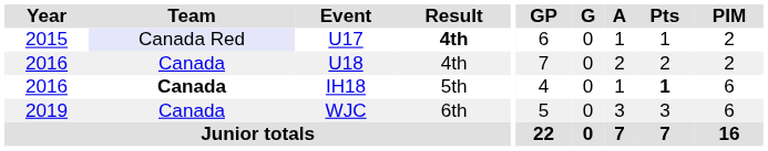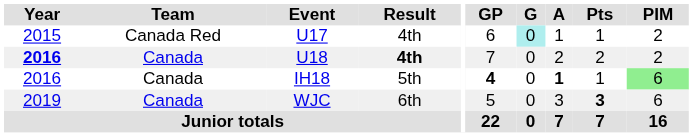 <table border="0" cellpadding="1" cellspacing="0" ID="Table3" style="text-align:center; width:40em">
 <tr bgcolor="#e0e0e0">
 <th>Year</th>
 <th>Team</th>
 <th>Event</th>
 <th>Result</th>
 <th rowspan="99" bgcolor="#ffffff"></th>
 <th>GP</th>
 <th>G</th>
 <th>A</th>
 <th>Pts</th>
 <th>PIM</th>
 </tr>
 <tr>
 <td><a href='#'>2015</a></td>
-<td style="background: lavender;">Canada Red</td>
+<td>Canada Red</td>
 <td><a href='#'>U17</a></td>
-<td><strong>4th</strong></td>
+<td>4th</td>
 <td>6</td>
-<td>0</td>
+<td style="background: paleturquoise;">0</td>
 <td>1</td>
 <td>1</td>
 <td>2</td>
 </tr>
 <tr bgcolor="#f0f0f0">
-<td><a href='#'>2016</a></td>
+<td><strong><a href='#'>2016</a></strong></td>
 <td><a href='#'>Canada</a></td>
 <td><a href='#'>U18</a></td>
-<td>4th</td>
+<td><strong>4th</strong></td>
 <td>7</td>
 <td>0</td>
 <td>2</td>
 <td>2</td>
 <td>2</td>
 </tr>
 <tr>
 <td><a href='#'>2016</a></td>
-<td><strong>Canada</strong></td>
+<td>Canada</td>
 <td><a href='#'>IH18</a></td>
 <td>5th</td>
-<td>4</td>
+<td><strong>4</strong></td>
 <td>0</td>
+<td><strong>1</strong></td>
 <td>1</td>
-<td><strong>1</strong></td>
-<td>6</td>
+<td style="background: lightgreen;">6</td>
 </tr>
 <tr bgcolor="#f0f0f0">
 <td><a href='#'>2019</a></td>
 <td><a href='#'>Canada</a></td>
 <td><a href='#'>WJC</a></td>
 <td>6th</td>
 <td>5</td>
 <td>0</td>
 <td>3</td>
-<td>3</td>
+<td><strong>3</strong></td>
 <td>6</td>
 </tr>
 <tr bgcolor="#e0e0e0">
 <th colspan="4">Junior totals</th>
 <th>22</th>
 <th>0</th>
 <th>7</th>
 <th>7</th>
 <th>16</th>
 </tr>
 </table>
